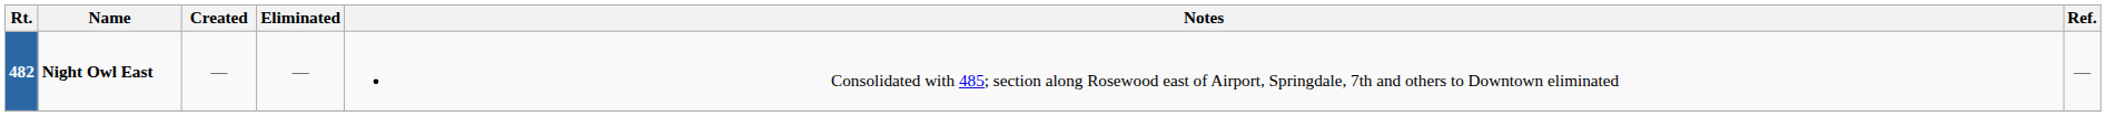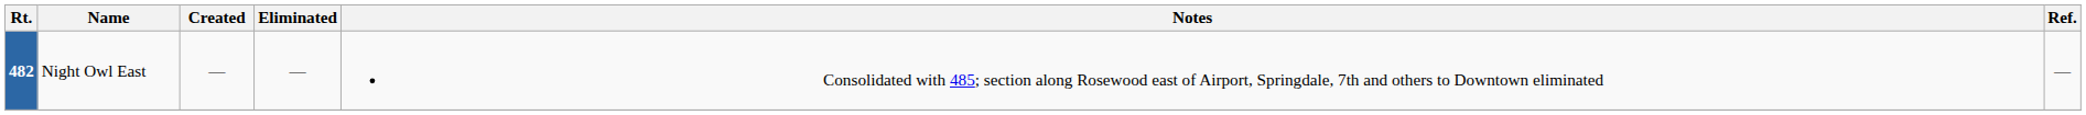 <table class="wikitable mw-collapsible mw-collapsed sortable" style="text-align: center; width:100%;">
 <tr>
 <th scope="col" style="width: 1.5em;">Rt.</th>
 <th scope="col" style="width: 8em;">Name</th>
 <th scope="col" style="width: 4em;">Created</th>
 <th scope="col" style="width: 4em;">Eliminated</th>
 <th class="unsortable">Notes</th>
 <th scope="col" style="width: 1em;" class="unsortable">Ref.</th>
 </tr>
 <tr>
 <th style="background: #2C67A5; color:#FFFFFF;">482</th>
-<td align="left"><strong>Night Owl East</strong></td>
+<td align="left">Night Owl East</td>
 <td>—</td>
 <td>—</td>
 <td><br><ul><li>Consolidated with <a href='#'>485</a>; section along Rosewood east of Airport, Springdale, 7th and others to Downtown eliminated</li></ul></td>
 <td>—</td>
 </tr>
 <tr>
 </tr>
 </table>
